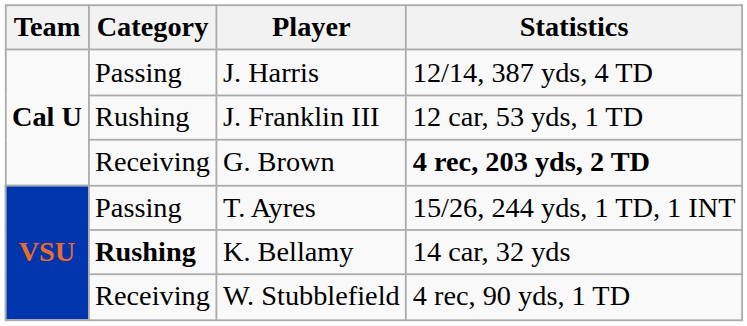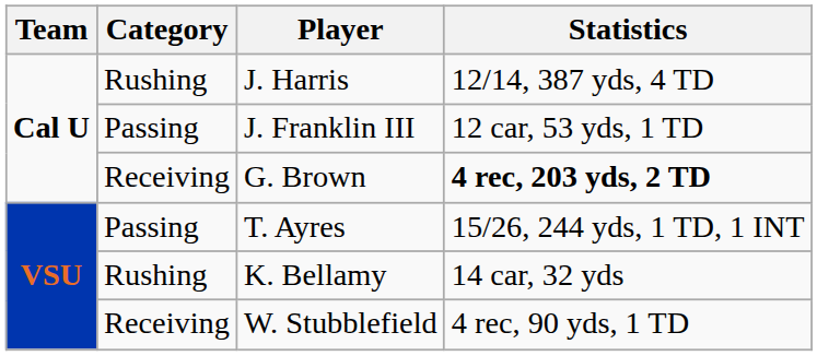 <table class="wikitable" style="float: right;">
 <tr>
 <th>Team</th>
 <th>Category</th>
 <th>Player</th>
 <th>Statistics</th>
 </tr>
 <tr>
 <td rowspan=3><strong>Cal U</strong></td>
-<td>Passing</td>
+<td>Rushing</td>
 <td>J. Harris</td>
 <td>12/14, 387 yds, 4 TD</td>
 </tr>
 <tr>
-<td>Rushing</td>
+<td>Passing</td>
 <td>J. Franklin III</td>
 <td>12 car, 53 yds, 1 TD</td>
 </tr>
 <tr>
 <td>Receiving</td>
 <td>G. Brown</td>
 <td><strong>4 rec, 203 yds, 2 TD</strong></td>
 </tr>
 <tr>
 <td rowspan=3 style="background:#0035ae; color:#ea6d26; text-align:center;"><strong>VSU</strong></td>
 <td>Passing</td>
 <td>T. Ayres</td>
 <td>15/26, 244 yds, 1 TD, 1 INT</td>
 </tr>
 <tr>
-<td><strong>Rushing</strong></td>
+<td>Rushing</td>
 <td>K. Bellamy</td>
 <td>14 car, 32 yds</td>
 </tr>
 <tr>
 <td>Receiving</td>
 <td>W. Stubblefield</td>
 <td>4 rec, 90 yds, 1 TD</td>
 </tr>
 </table>
